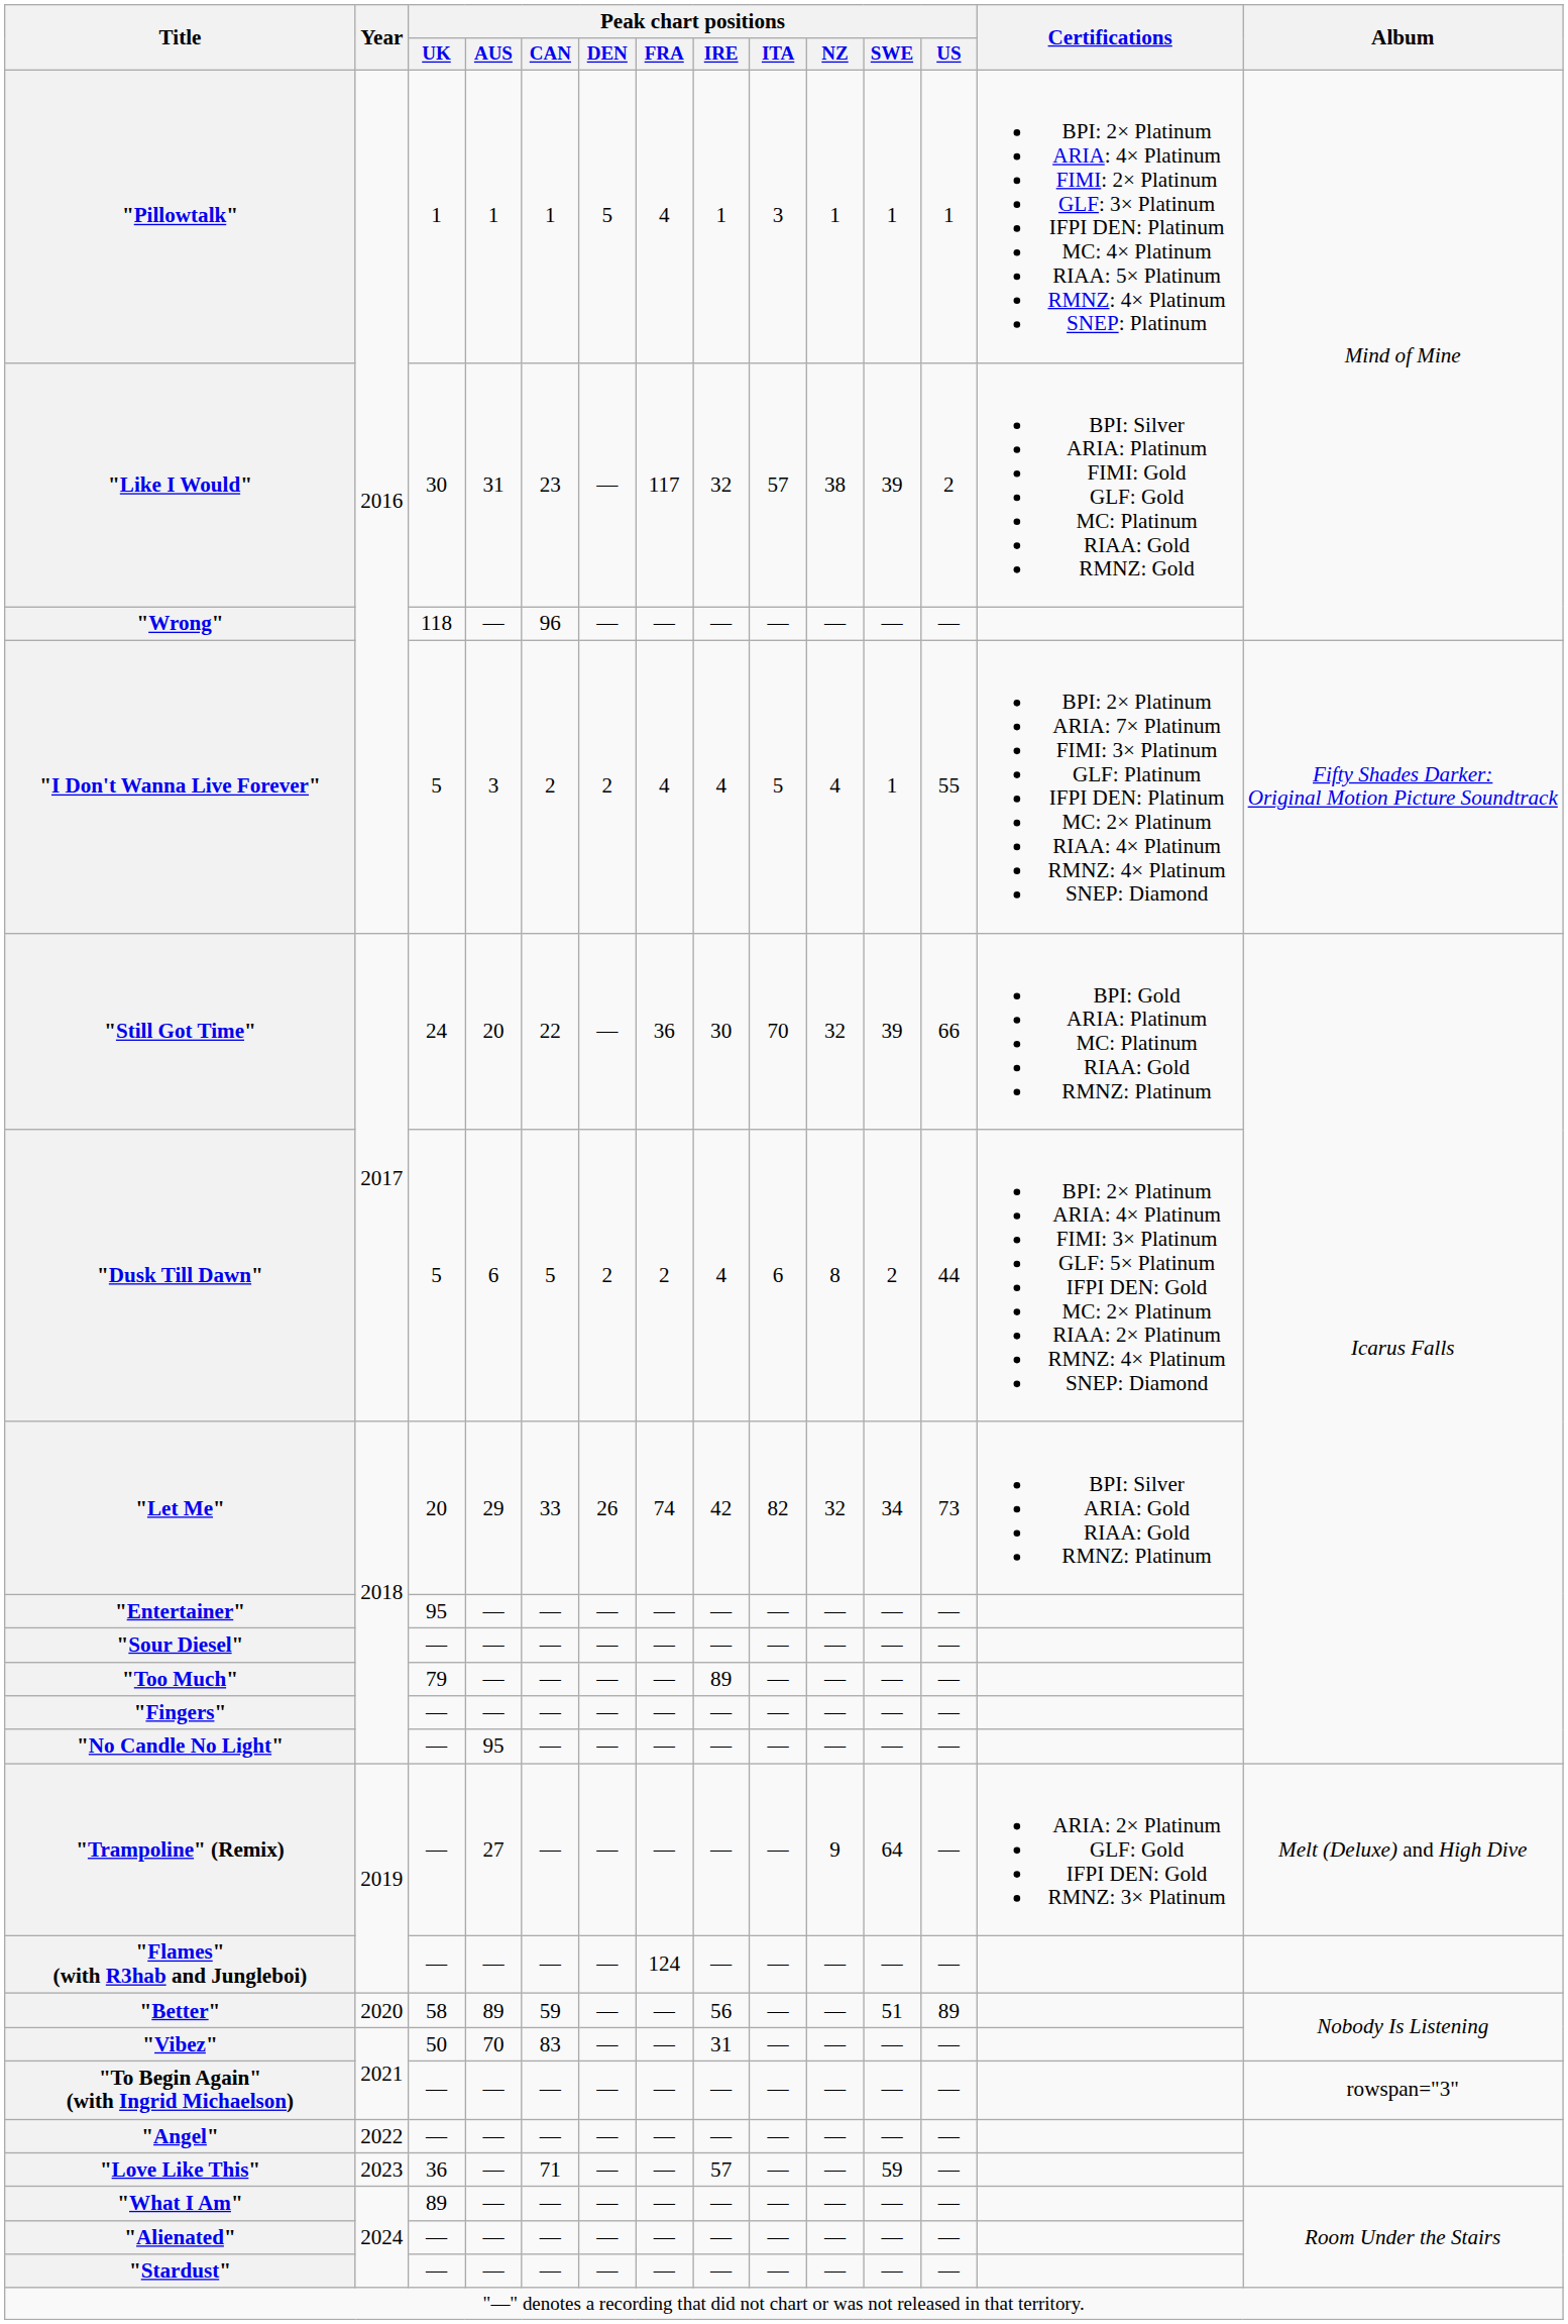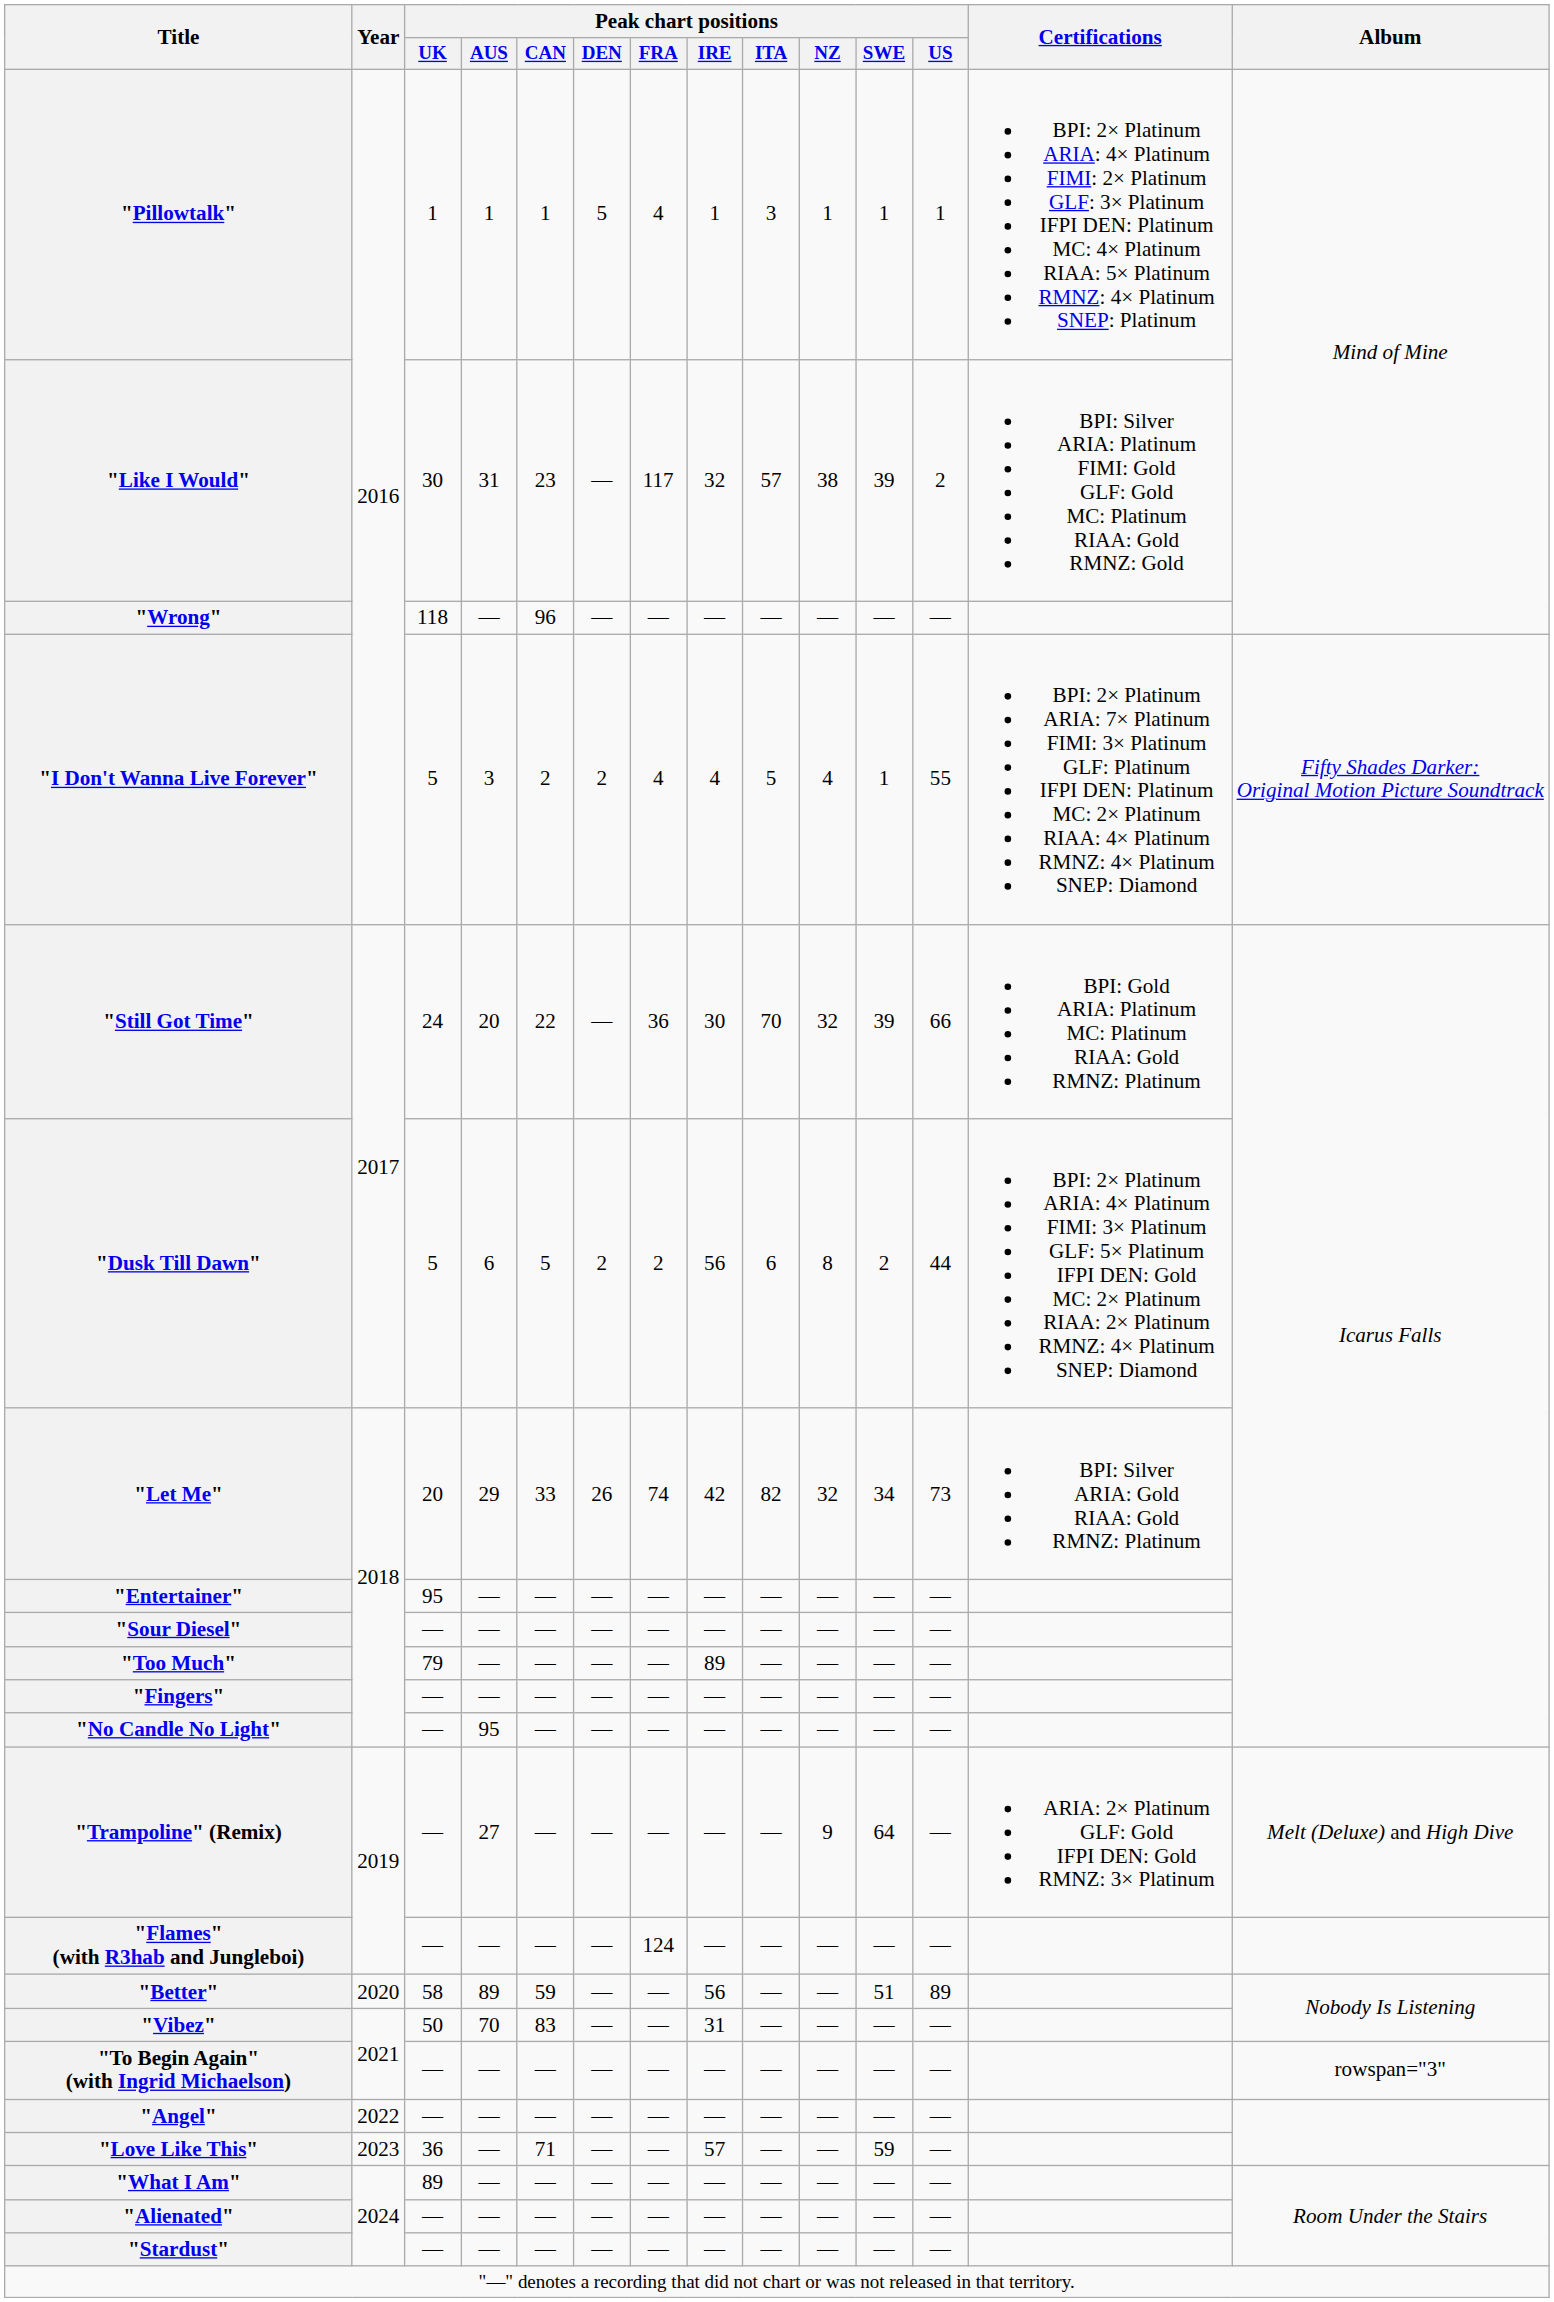 <table class="wikitable plainrowheaders" style="text-align:center;">
 <tr>
 <th scope="col" rowspan="2" style="width:16em;">Title</th>
 <th scope="col" rowspan="2" style="width:1em;">Year</th>
 <th scope="col" colspan="10">Peak chart positions</th>
 <th scope="col" rowspan="2" style="width:12em;"><a href='#'>Certifications</a></th>
 <th scope="col" rowspan="2">Album</th>
 </tr>
 <tr>
 <th scope="col" style="width:2.5em;font-size:90%;"><a href='#'>UK</a><br></th>
 <th scope="col" style="width:2.5em;font-size:90%;"><a href='#'>AUS</a><br></th>
 <th scope="col" style="width:2.5em;font-size:90%;"><a href='#'>CAN</a><br></th>
 <th scope="col" style="width:2.5em;font-size:90%;"><a href='#'>DEN</a><br></th>
 <th scope="col" style="width:2.5em;font-size:90%;"><a href='#'>FRA</a><br></th>
 <th scope="col" style="width:2.5em;font-size:90%;"><a href='#'>IRE</a><br></th>
 <th scope="col" style="width:2.5em;font-size:90%;"><a href='#'>ITA</a><br></th>
 <th scope="col" style="width:2.5em;font-size:90%;"><a href='#'>NZ</a><br></th>
 <th scope="col" style="width:2.5em;font-size:90%;"><a href='#'>SWE</a><br></th>
 <th scope="col" style="width:2.5em;font-size:90%;"><a href='#'>US</a><br></th>
 </tr>
 <tr>
 <th scope="row">"<a href='#'>Pillowtalk</a>"</th>
 <td rowspan="4">2016</td>
 <td>1</td>
 <td>1</td>
 <td>1</td>
 <td>5</td>
 <td>4</td>
 <td>1</td>
 <td>3</td>
 <td>1</td>
 <td>1</td>
 <td>1</td>
 <td><br><ul><li>BPI: 2× Platinum</li><li><a href='#'>ARIA</a>: 4× Platinum</li><li><a href='#'>FIMI</a>: 2× Platinum</li><li><a href='#'>GLF</a>: 3× Platinum</li><li>IFPI DEN: Platinum</li><li>MC: 4× Platinum</li><li>RIAA: 5× Platinum</li><li><a href='#'>RMNZ</a>: 4× Platinum</li><li><a href='#'>SNEP</a>: Platinum</li></ul></td>
 <td rowspan="3"><em>Mind of Mine</em></td>
 </tr>
 <tr>
 <th scope="row">"<a href='#'>Like I Would</a>"</th>
 <td>30</td>
 <td>31</td>
 <td>23</td>
 <td>—</td>
 <td>117</td>
 <td>32</td>
 <td>57</td>
 <td>38</td>
 <td>39</td>
 <td>2</td>
 <td><br><ul><li>BPI: Silver</li><li>ARIA: Platinum</li><li>FIMI: Gold</li><li>GLF: Gold</li><li>MC: Platinum</li><li>RIAA: Gold</li><li>RMNZ: Gold</li></ul></td>
 </tr>
 <tr>
 <th scope="row">"<a href='#'>Wrong</a>"<br></th>
 <td>118</td>
 <td>—</td>
 <td>96</td>
 <td>—</td>
 <td>—</td>
 <td>—</td>
 <td>—</td>
 <td>—</td>
 <td>—</td>
 <td>—</td>
 <td></td>
 </tr>
 <tr>
 <th scope="row">"<a href='#'>I Don't Wanna Live Forever</a>"<br></th>
 <td>5</td>
 <td>3</td>
 <td>2</td>
 <td>2</td>
 <td>4</td>
 <td>4</td>
 <td>5</td>
 <td>4</td>
 <td>1</td>
 <td>55</td>
 <td><br><ul><li>BPI: 2× Platinum</li><li>ARIA: 7× Platinum</li><li>FIMI: 3× Platinum</li><li>GLF: Platinum</li><li>IFPI DEN: Platinum</li><li>MC: 2× Platinum</li><li>RIAA: 4× Platinum</li><li>RMNZ: 4× Platinum</li><li>SNEP: Diamond</li></ul></td>
 <td><em><a href='#'>Fifty Shades Darker:<br>Original Motion Picture Soundtrack</a></em></td>
 </tr>
 <tr>
 <th scope="row">"<a href='#'>Still Got Time</a>"<br></th>
 <td rowspan="2">2017</td>
 <td>24</td>
 <td>20</td>
 <td>22</td>
 <td>—</td>
 <td>36</td>
 <td>30</td>
 <td>70</td>
 <td>32</td>
 <td>39</td>
 <td>66</td>
 <td><br><ul><li>BPI: Gold</li><li>ARIA: Platinum</li><li>MC: Platinum</li><li>RIAA: Gold</li><li>RMNZ: Platinum</li></ul></td>
 <td rowspan="8"><em>Icarus Falls</em></td>
 </tr>
 <tr>
 <th scope="row">"<a href='#'>Dusk Till Dawn</a>"<br></th>
 <td>5</td>
 <td>6</td>
 <td>5</td>
 <td>2</td>
 <td>2</td>
-<td>4</td>
+<td>56</td>
 <td>6</td>
 <td>8</td>
 <td>2</td>
 <td>44</td>
 <td><br><ul><li>BPI: 2× Platinum</li><li>ARIA: 4× Platinum</li><li>FIMI: 3× Platinum</li><li>GLF: 5× Platinum</li><li>IFPI DEN: Gold</li><li>MC: 2× Platinum</li><li>RIAA: 2× Platinum</li><li>RMNZ: 4× Platinum</li><li>SNEP: Diamond</li></ul></td>
 </tr>
 <tr>
 <th scope="row">"<a href='#'>Let Me</a>"</th>
 <td rowspan="6">2018</td>
 <td>20</td>
 <td>29</td>
 <td>33</td>
 <td>26</td>
 <td>74</td>
 <td>42</td>
 <td>82</td>
 <td>32</td>
 <td>34</td>
 <td>73</td>
 <td><br><ul><li>BPI: Silver</li><li>ARIA: Gold</li><li>RIAA: Gold</li><li>RMNZ: Platinum</li></ul></td>
 </tr>
 <tr>
 <th scope="row">"<a href='#'>Entertainer</a>"</th>
 <td>95</td>
 <td>—</td>
 <td>—</td>
 <td>—</td>
 <td>—</td>
 <td>—</td>
 <td>—</td>
 <td>—</td>
 <td>—</td>
 <td>—</td>
 <td></td>
 </tr>
 <tr>
 <th scope="row">"<a href='#'>Sour Diesel</a>"</th>
 <td>—</td>
 <td>—</td>
 <td>—</td>
 <td>—</td>
 <td>—</td>
 <td>—</td>
 <td>—</td>
 <td>—</td>
 <td>—</td>
 <td>—</td>
 <td></td>
 </tr>
 <tr>
 <th scope="row">"<a href='#'>Too Much</a>"<br></th>
 <td>79</td>
 <td>—</td>
 <td>—</td>
 <td>—</td>
 <td>—</td>
 <td>89</td>
 <td>—</td>
 <td>—</td>
 <td>—</td>
 <td>—</td>
 <td></td>
 </tr>
 <tr>
 <th scope="row">"<a href='#'>Fingers</a>"</th>
 <td>—</td>
 <td>—</td>
 <td>—</td>
 <td>—</td>
 <td>—</td>
 <td>—</td>
 <td>—</td>
 <td>—</td>
 <td>—</td>
 <td>—</td>
 <td></td>
 </tr>
 <tr>
 <th scope="row">"<a href='#'>No Candle No Light</a>"<br></th>
 <td>—</td>
 <td>95</td>
 <td>—</td>
 <td>—</td>
 <td>—</td>
 <td>—</td>
 <td>—</td>
 <td>—</td>
 <td>—</td>
 <td>—</td>
 <td></td>
 </tr>
 <tr>
 <th scope="row">"<a href='#'>Trampoline</a>" (Remix)<br></th>
 <td rowspan="2">2019</td>
 <td>—</td>
 <td>27</td>
 <td>—</td>
 <td>—</td>
 <td>—</td>
 <td>—</td>
 <td>—</td>
 <td>9</td>
 <td>64</td>
 <td>—</td>
 <td><br><ul><li>ARIA: 2× Platinum</li><li>GLF: Gold</li><li>IFPI DEN: Gold</li><li>RMNZ: 3× Platinum</li></ul></td>
 <td><em>Melt (Deluxe)</em> and <em>High Dive</em></td>
 </tr>
 <tr>
 <th scope="row">"<a href='#'>Flames</a>"<br><span>(with <a href='#'>R3hab</a> and Jungleboi)</span></th>
 <td>—</td>
 <td>—</td>
 <td>—</td>
 <td>—</td>
 <td>124</td>
 <td>—</td>
 <td>—</td>
 <td>—</td>
 <td>—</td>
 <td>—</td>
 <td></td>
 <td></td>
 </tr>
 <tr>
 <th scope="row">"<a href='#'>Better</a>"</th>
 <td>2020</td>
 <td>58</td>
 <td>89</td>
 <td>59</td>
 <td>—</td>
 <td>—</td>
 <td>56</td>
 <td>—</td>
 <td>—</td>
 <td>51</td>
 <td>89</td>
 <td></td>
 <td rowspan="2"><em>Nobody Is Listening</em></td>
 </tr>
 <tr>
 <th scope="row">"<a href='#'>Vibez</a>"</th>
 <td rowspan="2">2021</td>
 <td>50</td>
 <td>70</td>
 <td>83</td>
 <td>—</td>
 <td>—</td>
 <td>31</td>
 <td>—</td>
 <td>—</td>
 <td>—</td>
 <td>—</td>
 <td></td>
 </tr>
 <tr>
 <th scope="row">"To Begin Again"<br><span>(with <a href='#'>Ingrid Michaelson</a>)</span></th>
 <td>—</td>
 <td>—</td>
 <td>—</td>
 <td>—</td>
 <td>—</td>
 <td>—</td>
 <td>—</td>
 <td>—</td>
 <td>—</td>
 <td>—</td>
 <td></td>
 <td>rowspan="3" </td>
 </tr>
 <tr>
 <th scope="row">"<a href='#'>Angel</a>"<br></th>
 <td>2022</td>
 <td>—</td>
 <td>—</td>
 <td>—</td>
 <td>—</td>
 <td>—</td>
 <td>—</td>
 <td>—</td>
 <td>—</td>
 <td>—</td>
 <td>—</td>
 <td></td>
 </tr>
 <tr>
 <th scope="row">"<a href='#'>Love Like This</a>"</th>
 <td>2023</td>
 <td>36</td>
 <td>—</td>
 <td>71</td>
 <td>—</td>
 <td>—</td>
 <td>57</td>
 <td>—</td>
 <td>—</td>
 <td>59</td>
 <td>—</td>
 <td></td>
 </tr>
 <tr>
 <th scope="row">"<a href='#'>What I Am</a>"</th>
 <td rowspan="3">2024</td>
 <td>89</td>
 <td>—</td>
 <td>—</td>
 <td>—</td>
 <td>—</td>
 <td>—</td>
 <td>—</td>
 <td>—</td>
 <td>—</td>
 <td>—</td>
 <td></td>
 <td rowspan="3"><em>Room Under the Stairs</em></td>
 </tr>
 <tr>
 <th scope="row">"<a href='#'>Alienated</a>"</th>
 <td>—</td>
 <td>—</td>
 <td>—</td>
 <td>—</td>
 <td>—</td>
 <td>—</td>
 <td>—</td>
 <td>—</td>
 <td>—</td>
 <td>—</td>
 </tr>
 <tr>
 <th scope="row">"<a href='#'>Stardust</a>"</th>
 <td>—</td>
 <td>—</td>
 <td>—</td>
 <td>—</td>
 <td>—</td>
 <td>—</td>
 <td>—</td>
 <td>—</td>
 <td>—</td>
 <td>—</td>
 <td></td>
 </tr>
 <tr>
 <td colspan="14" style="font-size:90%">"—" denotes a recording that did not chart or was not released in that territory.</td>
 </tr>
 </table>
